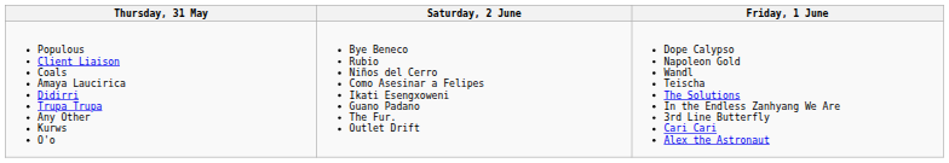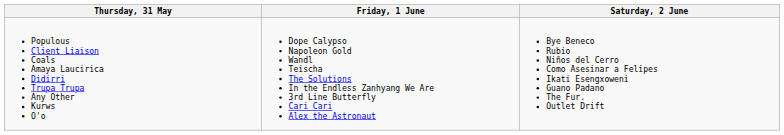 <table class="wikitable">
 <tr>
 <th width="500">Thursday, 31 May</th>
+<th width="500">Friday, 1 June</th>
 <th width="500">Saturday, 2 June</th>
-<th width="500">Friday, 1 June</th>
 </tr>
 <tr valign="top">
 <td><br><ul><li>Populous</li><li><a href='#'>Client Liaison</a></li><li>Coals</li><li>Amaya Laucirica</li><li><a href='#'>Didirri</a></li><li><a href='#'>Trupa Trupa</a></li><li>Any Other</li><li>Kurws</li><li>O'o</li></ul></td>
+<td><br><ul><li>Dope Calypso</li><li>Napoleon Gold</li><li>Wandl</li><li>Teischa</li><li><a href='#'>The Solutions</a></li><li>In the Endless Zanhyang We Are</li><li>3rd Line Butterfly</li><li><a href='#'>Cari Cari</a></li><li><a href='#'>Alex the Astronaut</a></li></ul></td>
 <td><br><ul><li>Bye Beneco</li><li>Rubio</li><li>Niños del Cerro</li><li>Como Asesinar a Felipes</li><li>Ikati Esengxoweni</li><li>Guano Padano</li><li>The Fur.</li><li>Outlet Drift</li></ul></td>
-<td><br><ul><li>Dope Calypso</li><li>Napoleon Gold</li><li>Wandl</li><li>Teischa</li><li><a href='#'>The Solutions</a></li><li>In the Endless Zanhyang We Are</li><li>3rd Line Butterfly</li><li><a href='#'>Cari Cari</a></li><li><a href='#'>Alex the Astronaut</a></li></ul></td>
 </tr>
 </table>
